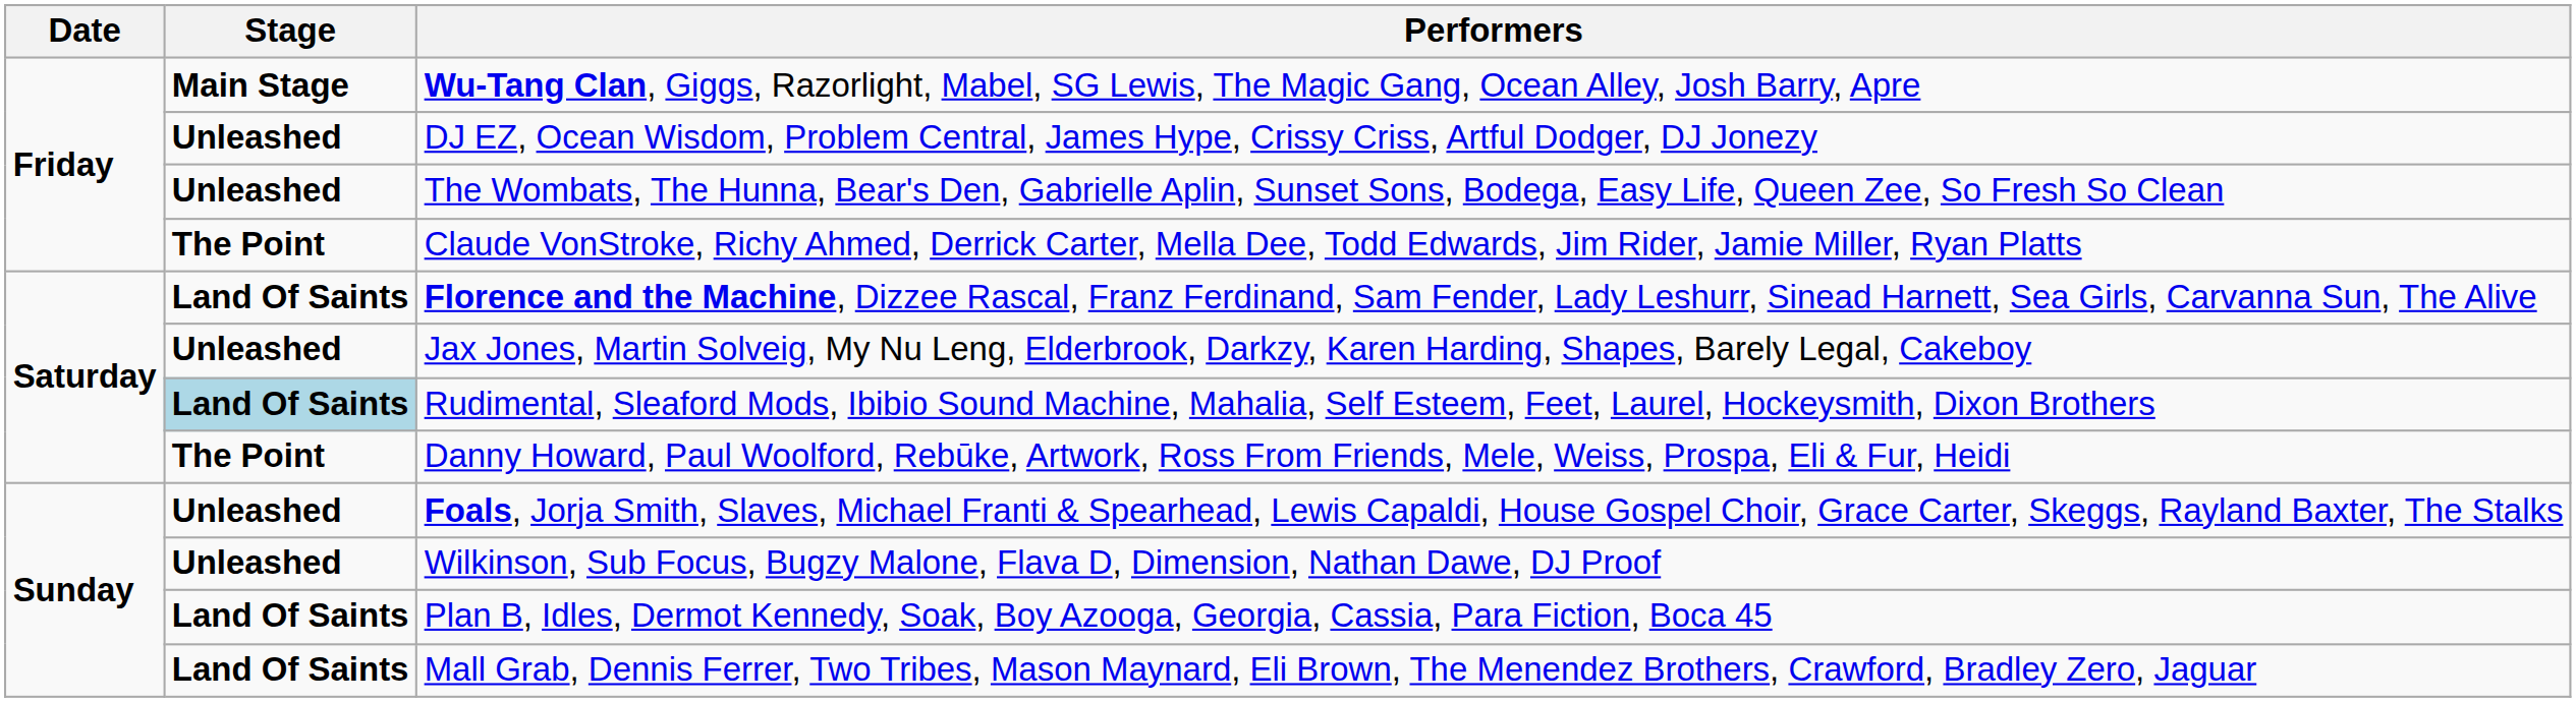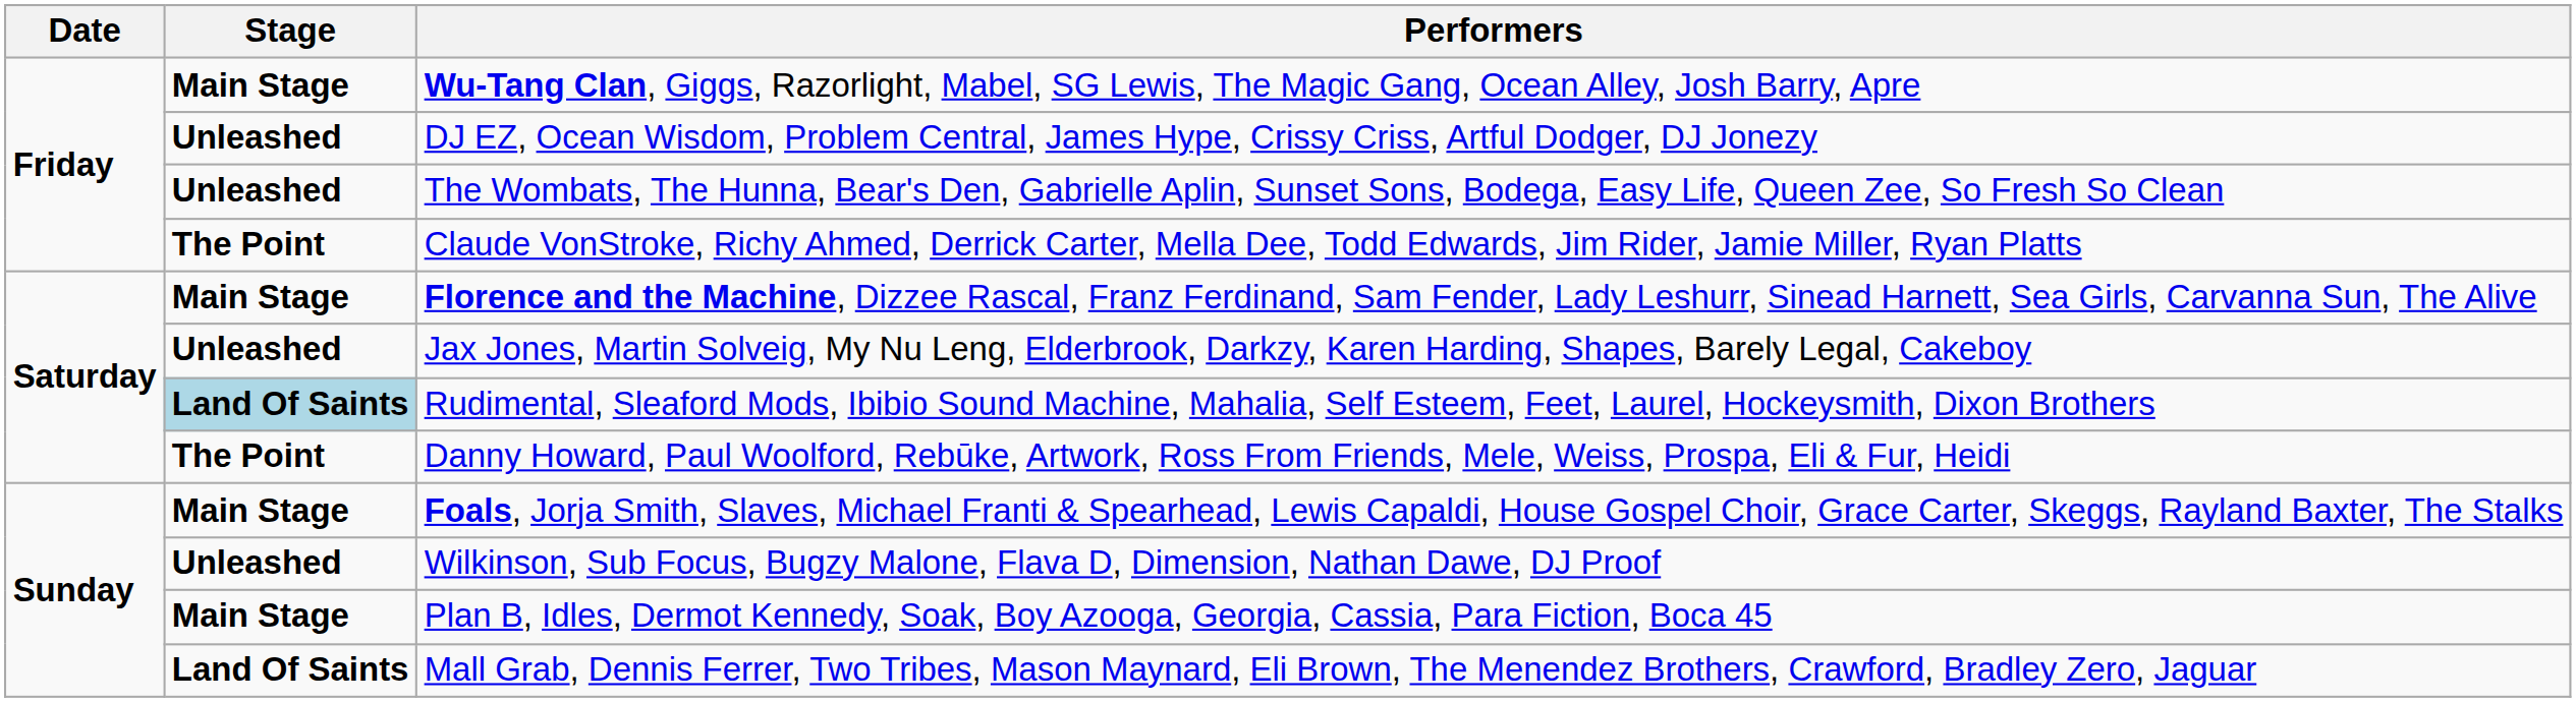 <table class="wikitable">
 <tr>
 <th><strong>Date</strong></th>
 <th><strong>Stage</strong></th>
 <th><strong>Performers</strong></th>
 </tr>
 <tr>
 <td rowspan="4"><strong>Friday</strong></td>
 <td><strong>Main Stage</strong></td>
 <td><strong><a href='#'>Wu-Tang Clan</a></strong>, <a href='#'>Giggs</a>, Razorlight, <a href='#'>Mabel</a>, <a href='#'>SG Lewis</a>, <a href='#'>The Magic Gang</a>, <a href='#'>Ocean Alley</a>, <a href='#'>Josh Barry</a>, <a href='#'>Apre</a></td>
 </tr>
 <tr>
 <td><strong>Unleashed</strong></td>
 <td><a href='#'>DJ EZ</a>, <a href='#'>Ocean Wisdom</a>, <a href='#'>Problem Central</a>, <a href='#'>James Hype</a>, <a href='#'>Crissy Criss</a>, <a href='#'>Artful Dodger</a>, <a href='#'>DJ Jonezy</a></td>
 </tr>
 <tr>
 <td><strong>Unleashed</strong></td>
 <td><a href='#'>The Wombats</a>, <a href='#'>The Hunna</a>, <a href='#'>Bear's Den</a>, <a href='#'>Gabrielle Aplin</a>, <a href='#'>Sunset Sons</a>, <a href='#'>Bodega</a>, <a href='#'>Easy Life</a>, <a href='#'>Queen Zee</a>, <a href='#'>So Fresh So Clean</a></td>
 </tr>
 <tr>
 <td><strong>The Point</strong></td>
 <td><a href='#'>Claude VonStroke</a>, <a href='#'>Richy Ahmed</a>, <a href='#'>Derrick Carter</a>, <a href='#'>Mella Dee</a>, <a href='#'>Todd Edwards</a>, <a href='#'>Jim Rider</a>, <a href='#'>Jamie Miller</a>, <a href='#'>Ryan Platts</a></td>
 </tr>
 <tr>
 <td rowspan="4"><strong>Saturday</strong></td>
-<td><strong>Land Of Saints</strong></td>
+<td><strong>Main Stage</strong></td>
 <td><strong><a href='#'>Florence and the Machine</a></strong>, <a href='#'>Dizzee Rascal</a>, <a href='#'>Franz Ferdinand</a>, <a href='#'>Sam Fender</a>, <a href='#'>Lady Leshurr</a>, <a href='#'>Sinead Harnett</a>, <a href='#'>Sea Girls</a>, <a href='#'>Carvanna Sun</a>, <a href='#'>The Alive</a></td>
 </tr>
 <tr>
 <td><strong>Unleashed</strong></td>
 <td><a href='#'>Jax Jones</a>, <a href='#'>Martin Solveig</a>, My Nu Leng, <a href='#'>Elderbrook</a>, <a href='#'>Darkzy</a>, <a href='#'>Karen Harding</a>, <a href='#'>Shapes</a>, Barely Legal, <a href='#'>Cakeboy</a></td>
 </tr>
 <tr>
 <td style="background: lightblue;"><strong>Land Of Saints</strong></td>
 <td><a href='#'>Rudimental</a>, <a href='#'>Sleaford Mods</a>, <a href='#'>Ibibio Sound Machine</a>, <a href='#'>Mahalia</a>, <a href='#'>Self Esteem</a>, <a href='#'>Feet</a>, <a href='#'>Laurel</a>, <a href='#'>Hockeysmith</a>, <a href='#'>Dixon Brothers</a></td>
 </tr>
 <tr>
 <td><strong>The Point</strong></td>
 <td><a href='#'>Danny Howard</a>, <a href='#'>Paul Woolford</a>, <a href='#'>Rebūke</a>, <a href='#'>Artwork</a>, <a href='#'>Ross From Friends</a>, <a href='#'>Mele</a>, <a href='#'>Weiss</a>, <a href='#'>Prospa</a>, <a href='#'>Eli & Fur</a>, <a href='#'>Heidi</a></td>
 </tr>
 <tr>
 <td rowspan="4"><strong>Sunday</strong></td>
-<td><strong>Unleashed</strong></td>
+<td><strong>Main Stage</strong></td>
 <td><strong><a href='#'>Foals</a></strong>, <a href='#'>Jorja Smith</a>, <a href='#'>Slaves</a>, <a href='#'>Michael Franti & Spearhead</a>, <a href='#'>Lewis Capaldi</a>, <a href='#'>House Gospel Choir</a>, <a href='#'>Grace Carter</a>, <a href='#'>Skeggs</a>, <a href='#'>Rayland Baxter</a>, <a href='#'>The Stalks</a></td>
 </tr>
 <tr>
 <td><strong>Unleashed</strong></td>
 <td><a href='#'>Wilkinson</a>, <a href='#'>Sub Focus</a>, <a href='#'>Bugzy Malone</a>, <a href='#'>Flava D</a>, <a href='#'>Dimension</a>, <a href='#'>Nathan Dawe</a>, <a href='#'>DJ Proof</a></td>
 </tr>
 <tr>
-<td><strong>Land Of Saints</strong></td>
+<td><strong>Main Stage</strong></td>
 <td><a href='#'>Plan B</a>, <a href='#'>Idles</a>, <a href='#'>Dermot Kennedy</a>, <a href='#'>Soak</a>, <a href='#'>Boy Azooga</a>, <a href='#'>Georgia</a>, <a href='#'>Cassia</a>, <a href='#'>Para Fiction</a>, <a href='#'>Boca 45</a></td>
 </tr>
 <tr>
 <td><strong>Land Of Saints</strong></td>
 <td><a href='#'>Mall Grab</a>, <a href='#'>Dennis Ferrer</a>, <a href='#'>Two Tribes</a>, <a href='#'>Mason Maynard</a>, <a href='#'>Eli Brown</a>, <a href='#'>The Menendez Brothers</a>, <a href='#'>Crawford</a>, <a href='#'>Bradley Zero</a>, <a href='#'>Jaguar</a></td>
 </tr>
 </table>
